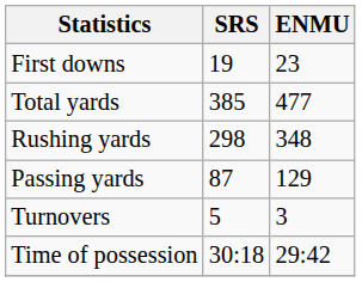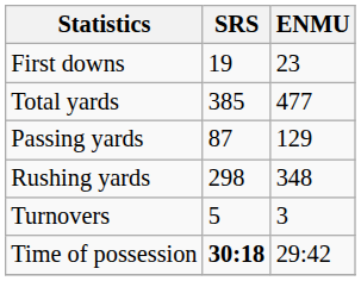 <table class="wikitable">
 <tr>
 <th>Statistics</th>
 <th>SRS</th>
 <th>ENMU</th>
 </tr>
 <tr>
 <td>First downs</td>
 <td>19</td>
 <td>23</td>
 </tr>
 <tr>
 <td>Total yards</td>
 <td>385</td>
 <td>477</td>
 </tr>
 <tr>
+<td>Passing yards</td>
+<td>87</td>
+<td>129</td>
+</tr>
+<tr>
 <td>Rushing yards</td>
 <td>298</td>
 <td>348</td>
-</tr>
-<tr>
-<td>Passing yards</td>
-<td>87</td>
-<td>129</td>
 </tr>
 <tr>
 <td>Turnovers</td>
 <td>5</td>
 <td>3</td>
 </tr>
 <tr>
 <td>Time of possession</td>
-<td>30:18</td>
+<td><strong>30:18</strong></td>
 <td>29:42</td>
 </tr>
 <tr>
 </tr>
 </table>
